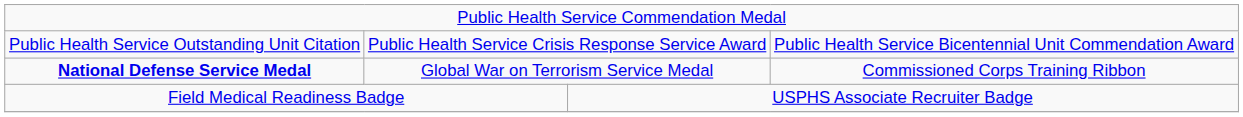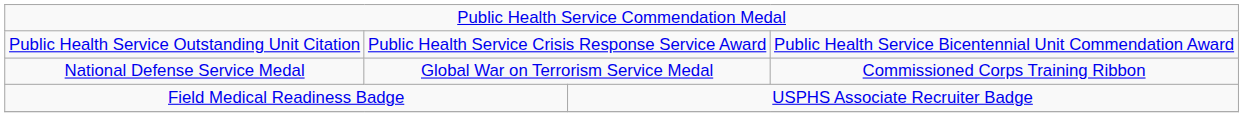 <table class=wikitable style="margin:1em auto; text-align:center;">
 <tr>
 <td colspan=4 style=text-align:center;><a href='#'>Public Health Service Commendation Medal</a></td>
 </tr>
 <tr>
 <td><a href='#'>Public Health Service Outstanding Unit Citation</a></td>
 <td colspan=2><a href='#'>Public Health Service Crisis Response Service Award</a></td>
 <td><a href='#'>Public Health Service Bicentennial Unit Commendation Award</a></td>
 </tr>
 <tr>
-<td><strong><a href='#'>National Defense Service Medal</a></strong></td>
+<td><a href='#'>National Defense Service Medal</a></td>
 <td colspan=2><a href='#'>Global War on Terrorism Service Medal</a></td>
 <td><a href='#'>Commissioned Corps Training Ribbon</a></td>
 </tr>
 <tr>
 <td colspan=2><a href='#'>Field Medical Readiness Badge</a></td>
 <td colspan=2><a href='#'>USPHS Associate Recruiter Badge</a></td>
 </tr>
 <tr>
 </tr>
 </table>
